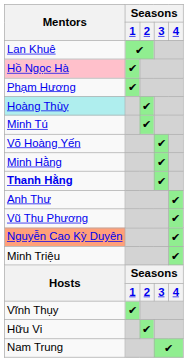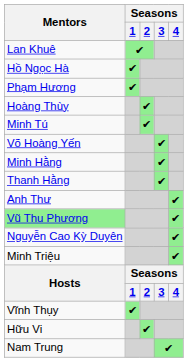 <table class="wikitable">
 <tr>
 <th rowspan="2">Mentors</th>
 <th colspan="4">Seasons</th>
 </tr>
 <tr>
 <th><strong><a href='#'>1</a></strong></th>
 <th><strong><a href='#'>2</a></strong></th>
 <th><strong><a href='#'>3</a></strong></th>
 <th><strong><a href='#'>4</a></strong></th>
 </tr>
 <tr>
 <td><a href='#'>Lan Khuê</a></td>
 <td colspan="2"  style = "background:lightgreen; text-align:center;">✔</td>
 <td colspan="2" style="background: #D3D3D3"></td>
 </tr>
 <tr>
-<td style="background: pink;"><a href='#'>Hồ Ngọc Hà</a></td>
+<td><a href='#'>Hồ Ngọc Hà</a></td>
 <td style="background:lightgreen; text-align:center;">✔</td>
 <td colspan="3" style="background: #D3D3D3"></td>
 </tr>
 <tr>
 <td><a href='#'>Phạm Hương</a></td>
 <td style="background:lightgreen; text-align:center;">✔</td>
 <td colspan="3" style="background: #D3D3D3"></td>
 </tr>
 <tr>
-<td style="background: paleturquoise;"><a href='#'>Hoàng Thùy</a></td>
+<td><a href='#'>Hoàng Thùy</a></td>
 <td style="background:#d3d3d3;"></td>
 <td style="background:lightgreen; text-align:center;">✔</td>
 <td colspan="2" style="background: #D3D3D3"></td>
 </tr>
 <tr>
 <td><a href='#'>Minh Tú</a></td>
 <td style="background:#d3d3d3;"></td>
 <td style="background:lightgreen; text-align:center;">✔</td>
 <td colspan="2" style="background: #D3D3D3"></td>
 </tr>
 <tr>
 <td><a href='#'>Võ Hoàng Yến</a></td>
 <td colspan="2" style="background: #D3D3D3"></td>
 <td style="background:lightgreen; text-align:center;">✔</td>
 <td style="background:#d3d3d3;"></td>
 </tr>
 <tr>
 <td><a href='#'>Minh Hằng</a></td>
 <td colspan="2" style="background: #D3D3D3"></td>
 <td style="background:lightgreen; text-align:center;">✔</td>
 <td colspan="2" style="background: #D3D3D3"></td>
 </tr>
 <tr>
-<td><strong><a href='#'>Thanh Hằng</a></strong></td>
+<td><a href='#'>Thanh Hằng</a></td>
 <td colspan="2" style="background: #D3D3D3"></td>
 <td style="background:lightgreen; text-align:center;">✔</td>
 <td colspan="2" style="background: #D3D3D3"></td>
 </tr>
 <tr>
 <td><a href='#'>Anh Thư</a></td>
 <td colspan="3" style="background: #D3D3D3"></td>
 <td style="background:lightgreen;">✔</td>
 </tr>
 <tr>
-<td><a href='#'>Vũ Thu Phương</a></td>
+<td style="background: lightgreen;"><a href='#'>Vũ Thu Phương</a></td>
 <td colspan="3" style="background: #D3D3D3"></td>
 <td style="background:lightgreen;">✔</td>
 </tr>
 <tr>
-<td style="background: lightsalmon;"><a href='#'>Nguyễn Cao Kỳ Duyên</a></td>
+<td><a href='#'>Nguyễn Cao Kỳ Duyên</a></td>
 <td colspan="3" style="background: #D3D3D3"></td>
 <td style="background:lightgreen;">✔</td>
 </tr>
 <tr>
 <td>Minh Triệu</td>
 <td colspan="3" style="background: #D3D3D3"></td>
 <td style="background:lightgreen;">✔</td>
 </tr>
 <tr>
 <th rowspan="2">Hosts</th>
 <th colspan="4">Seasons</th>
 </tr>
 <tr>
 <th><strong><a href='#'>1</a></strong></th>
 <th><strong><a href='#'>2</a></strong></th>
 <th><strong><a href='#'>3</a></strong></th>
 <th><strong><a href='#'>4</a></strong></th>
 </tr>
 <tr>
 <td>Vĩnh Thụy</td>
 <td style="background:lightgreen; text-align:center;">✔</td>
 <td colspan="3" style="background: #D3D3D3"></td>
 </tr>
 <tr>
 <td>Hữu Vi</td>
 <td style="background:#d3d3d3;"></td>
 <td style="background:lightgreen; text-align:center;">✔</td>
 <td colspan="2" style="background: #D3D3D3"></td>
 </tr>
 <tr>
 <td>Nam Trung</td>
 <td colspan="2" style="background: #D3D3D3"></td>
 <td colspan="2" style="background:lightgreen; text-align:center;">✔</td>
 </tr>
 </table>
